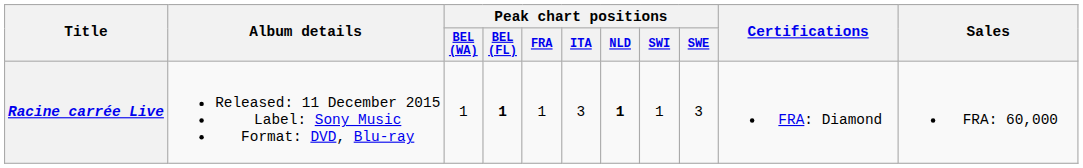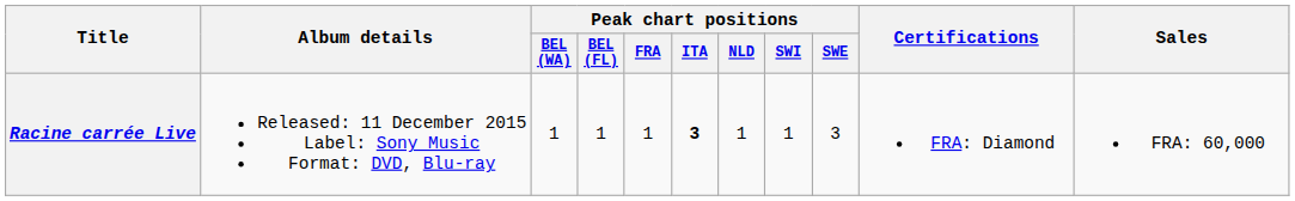 <table class="wikitable plainrowheaders" style="text-align:center;">
 <tr>
 <th scope="col" rowspan="2">Title</th>
 <th scope="col" rowspan="2">Album details</th>
 <th scope="col" colspan="7">Peak chart positions</th>
 <th scope="col" rowspan="2" style="width:12em;"><a href='#'>Certifications</a></th>
 <th scope="col" rowspan="2" style="width:12em;">Sales</th>
 </tr>
 <tr style="font-size:smaller;">
 <th width="30"><a href='#'>BEL<br>(WA)</a><br></th>
 <th width="30"><a href='#'>BEL<br>(FL)</a><br></th>
 <th width="30"><a href='#'>FRA</a><br></th>
 <th width="30"><a href='#'>ITA</a><br></th>
 <th width="30"><a href='#'>NLD</a><br></th>
 <th width="30"><a href='#'>SWI</a><br></th>
 <th width="30"><a href='#'>SWE</a><br></th>
 </tr>
 <tr>
 <th scope="row"><em><a href='#'>Racine carrée Live</a></em></th>
 <td><br><ul><li>Released: 11 December 2015</li><li>Label: <a href='#'>Sony Music</a></li><li>Format: <a href='#'>DVD</a>, <a href='#'>Blu-ray</a></li></ul></td>
 <td>1</td>
-<td><strong>1</strong></td>
 <td>1</td>
-<td>3</td>
-<td><strong>1</strong></td>
+<td>1</td>
+<td><strong>3</strong></td>
+<td>1</td>
 <td>1</td>
 <td>3</td>
 <td><br><ul><li><a href='#'>FRA</a>: Diamond</li></ul></td>
 <td><br><ul><li>FRA: 60,000</li></ul></td>
 </tr>
 </table>
